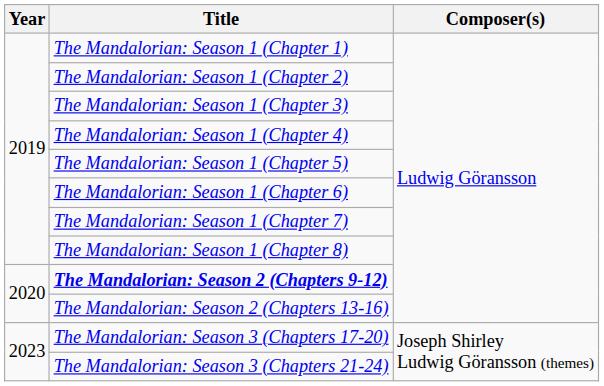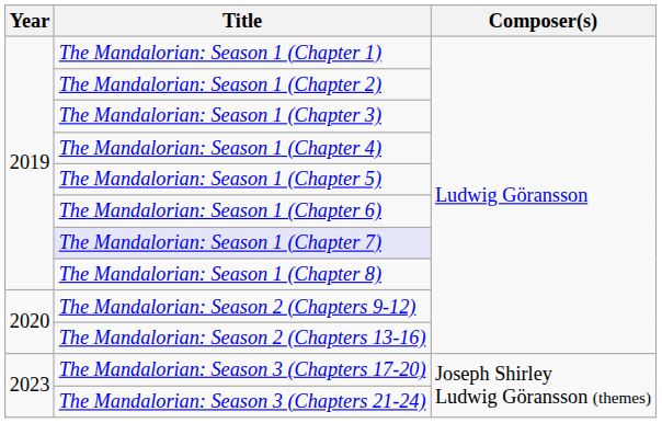 <table class="wikitable">
 <tr>
 <th>Year</th>
 <th>Title</th>
 <th>Composer(s)</th>
 </tr>
 <tr>
 <td rowspan="8">2019</td>
 <td><em><a href='#'>The Mandalorian: Season 1 (Chapter 1)</a></em></td>
 <td rowspan="10"><a href='#'>Ludwig Göransson</a></td>
 </tr>
 <tr>
 <td><em><a href='#'>The Mandalorian: Season 1 (Chapter 2)</a></em></td>
 </tr>
 <tr>
 <td><em><a href='#'>The Mandalorian: Season 1 (Chapter 3)</a></em></td>
 </tr>
 <tr>
 <td><em><a href='#'>The Mandalorian: Season 1 (Chapter 4)</a></em></td>
 </tr>
 <tr>
 <td><em><a href='#'>The Mandalorian: Season 1 (Chapter 5)</a></em></td>
 </tr>
 <tr>
 <td><em><a href='#'>The Mandalorian: Season 1 (Chapter 6)</a></em></td>
 </tr>
 <tr>
-<td><em><a href='#'>The Mandalorian: Season 1 (Chapter 7)</a></em></td>
+<td style="background: lavender;"><em><a href='#'>The Mandalorian: Season 1 (Chapter 7)</a></em></td>
 </tr>
 <tr>
 <td><em><a href='#'>The Mandalorian: Season 1 (Chapter 8)</a></em></td>
 </tr>
 <tr>
 <td rowspan="2">2020</td>
-<td><strong><em><a href='#'>The Mandalorian: Season 2 (Chapters 9-12)</a></em></strong></td>
+<td><em><a href='#'>The Mandalorian: Season 2 (Chapters 9-12)</a></em></td>
 </tr>
 <tr>
 <td><em><a href='#'>The Mandalorian: Season 2 (Chapters 13-16)</a></em></td>
 </tr>
 <tr>
 <td rowspan="2">2023</td>
 <td><em><a href='#'>The Mandalorian: Season 3 (Chapters 17-20)</a></em></td>
 <td rowspan="2">Joseph Shirley<br>Ludwig Göransson <small>(themes)</small></td>
 </tr>
 <tr>
 <td><em><a href='#'>The Mandalorian: Season 3 (Chapters 21-24)</a></em></td>
 </tr>
 </table>
